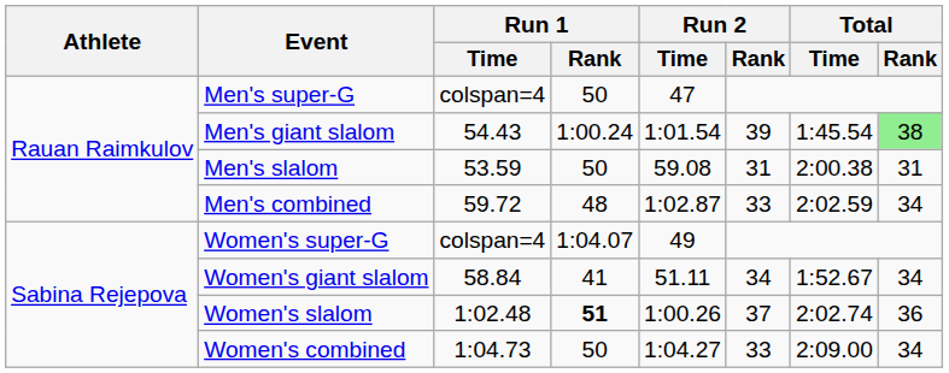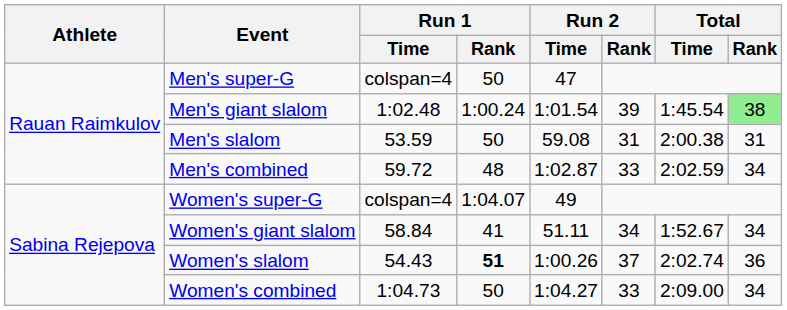 <table class="wikitable" style="font-size:90%">
 <tr>
 <th rowspan=2>Athlete</th>
 <th rowspan=2>Event</th>
 <th colspan=2>Run 1</th>
 <th colspan=2>Run 2</th>
 <th colspan=2>Total</th>
 </tr>
 <tr style="font-size:95%">
 <th>Time</th>
 <th>Rank</th>
 <th>Time</th>
 <th>Rank</th>
 <th>Time</th>
 <th>Rank</th>
 </tr>
 <tr align=center>
 <td align="left" rowspan="4"><a href='#'>Rauan Raimkulov</a></td>
 <td align="left"><a href='#'>Men's super-G</a></td>
 <td>colspan=4 </td>
 <td>50</td>
 <td>47</td>
 </tr>
 <tr align=center>
 <td align="left"><a href='#'>Men's giant slalom</a></td>
-<td>54.43</td>
+<td>1:02.48</td>
 <td>1:00.24</td>
 <td>1:01.54</td>
 <td>39</td>
 <td>1:45.54</td>
 <td style="background: lightgreen;">38</td>
 </tr>
 <tr align=center>
 <td align="left"><a href='#'>Men's slalom</a></td>
 <td>53.59</td>
 <td>50</td>
 <td>59.08</td>
 <td>31</td>
 <td>2:00.38</td>
 <td>31</td>
 </tr>
 <tr align=center>
 <td align="left"><a href='#'>Men's combined</a></td>
 <td>59.72</td>
 <td>48</td>
 <td>1:02.87</td>
 <td>33</td>
 <td>2:02.59</td>
 <td>34</td>
 </tr>
 <tr align=center>
 <td align="left" rowspan="4"><a href='#'>Sabina Rejepova</a></td>
 <td align="left"><a href='#'>Women's super-G</a></td>
 <td>colspan=4 </td>
 <td>1:04.07</td>
 <td>49</td>
 </tr>
 <tr align=center>
 <td align="left"><a href='#'>Women's giant slalom</a></td>
 <td>58.84</td>
 <td>41</td>
 <td>51.11</td>
 <td>34</td>
 <td>1:52.67</td>
 <td>34</td>
 </tr>
 <tr align=center>
 <td align="left"><a href='#'>Women's slalom</a></td>
-<td>1:02.48</td>
+<td>54.43</td>
 <td><strong>51</strong></td>
 <td>1:00.26</td>
 <td>37</td>
 <td>2:02.74</td>
 <td>36</td>
 </tr>
 <tr align=center>
 <td align="left"><a href='#'>Women's combined</a></td>
 <td>1:04.73</td>
 <td>50</td>
 <td>1:04.27</td>
 <td>33</td>
 <td>2:09.00</td>
 <td>34</td>
 </tr>
 </table>
